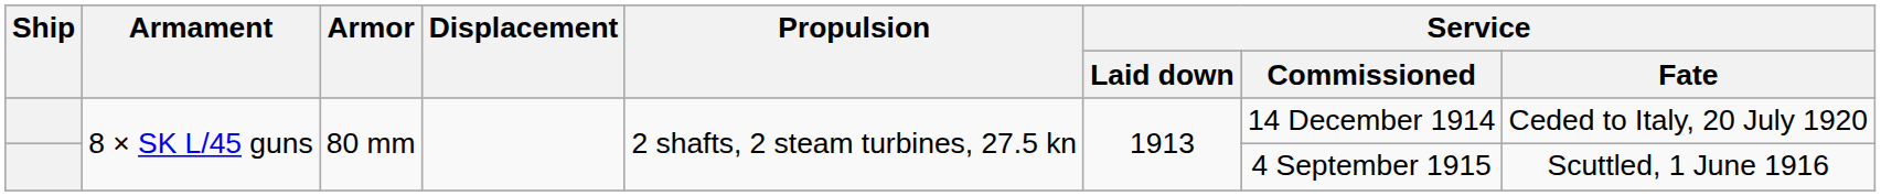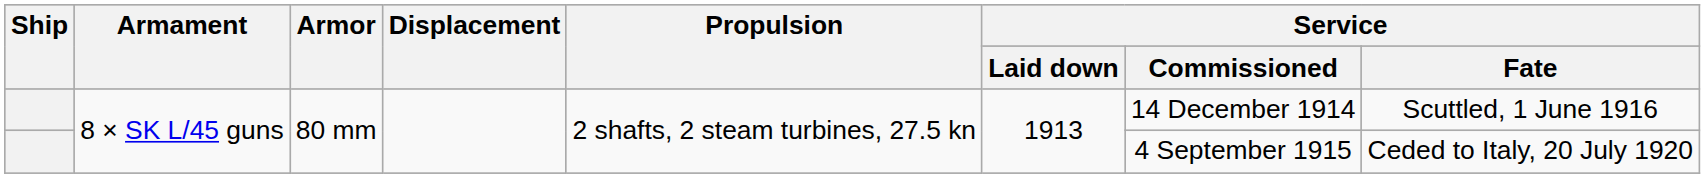 <table class="wikitable plainrowheaders" style="text-align: center;">
 <tr valign="top">
 <th scope="col" rowspan="2">Ship</th>
 <th scope="col" rowspan="2">Armament</th>
 <th scope="col" rowspan="2">Armor</th>
 <th scope="col" rowspan="2">Displacement</th>
 <th scope="col" rowspan="2">Propulsion</th>
 <th scope="col" colspan="3">Service</th>
 </tr>
 <tr valign="top">
 <th scope="col">Laid down</th>
 <th scope="col">Commissioned</th>
 <th scope="col">Fate</th>
 </tr>
 <tr valign="center">
 <th scope="row"></th>
 <td rowspan="2">8 × <a href='#'> SK L/45</a> guns</td>
 <td rowspan="2">80 mm</td>
 <td rowspan="2"></td>
 <td rowspan="2">2 shafts, 2 steam turbines, 27.5 kn</td>
 <td rowspan="2">1913</td>
 <td>14 December 1914</td>
-<td>Ceded to Italy, 20 July 1920</td>
+<td>Scuttled, 1 June 1916</td>
 </tr>
 <tr valign="center">
 <th scope="row"></th>
 <td>4 September 1915</td>
-<td>Scuttled, 1 June 1916</td>
+<td>Ceded to Italy, 20 July 1920</td>
 </tr>
 </table>
